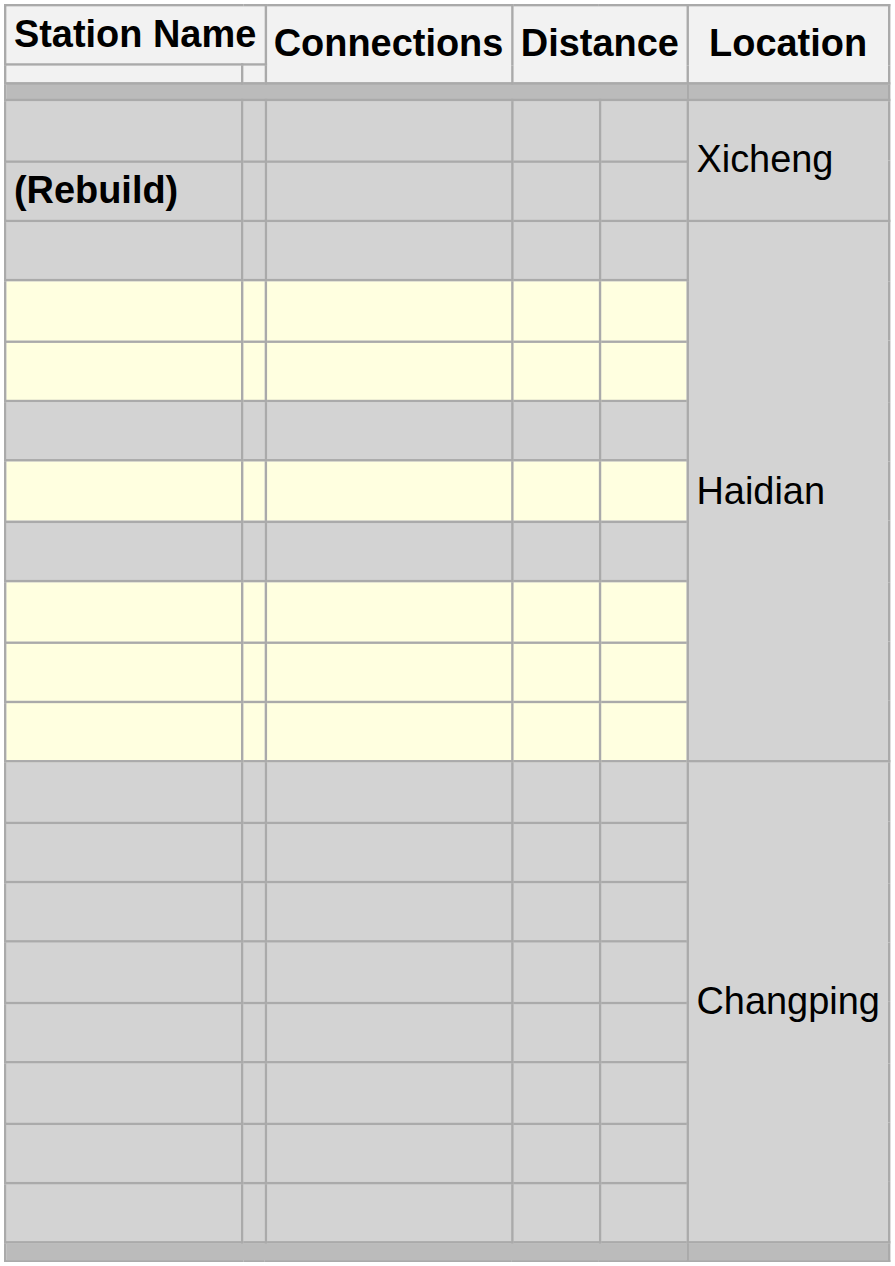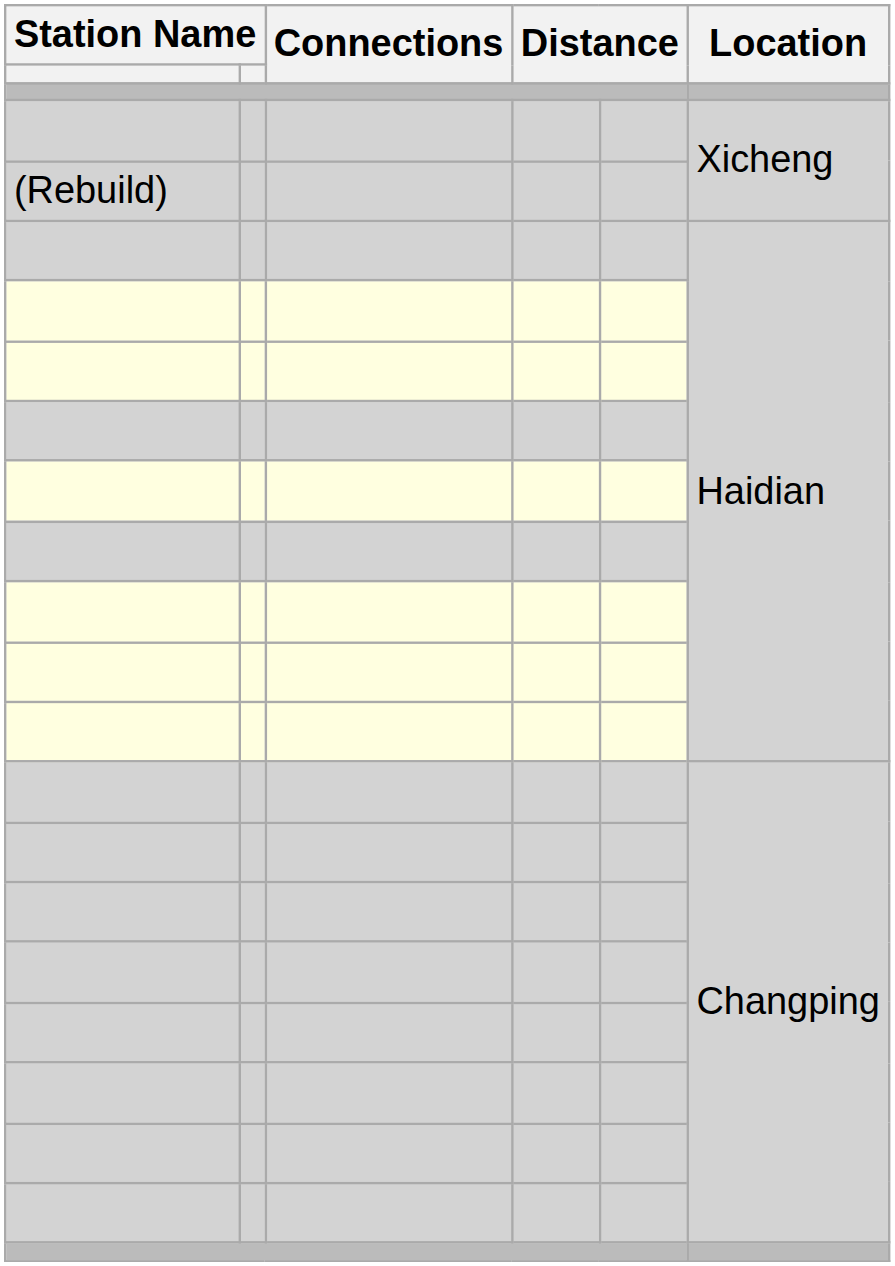 <table class="wikitable">
 <tr>
 <th colspan="2">Station Name</th>
 <th rowspan="2">Connections</th>
 <th colspan="2" rowspan="2">Distance<br></th>
 <th rowspan="2">Location</th>
 </tr>
 <tr>
 <th></th>
 <th></th>
 </tr>
 <tr style = "background:#bbbbbb; height: 2pt">
 <td colspan="5"></td>
 <td></td>
 </tr>
 <tr bgcolor="lightgrey">
 <td></td>
 <td></td>
 <td> </td>
 <td> </td>
 <td> </td>
 <td rowspan="2">Xicheng</td>
 </tr>
 <tr bgcolor="lightgrey">
-<td><strong> (Rebuild)</strong></td>
+<td> (Rebuild)</td>
 <td></td>
 <td> </td>
 <td> </td>
 <td> </td>
 </tr>
 <tr bgcolor="lightgrey">
 <td></td>
 <td></td>
 <td></td>
 <td> </td>
 <td> </td>
 <td rowspan="9">Haidian</td>
 </tr>
 <tr bgcolor="lightyellow">
 <td></td>
 <td></td>
 <td></td>
 <td> </td>
 <td> </td>
 </tr>
 <tr bgcolor="lightyellow">
 <td></td>
 <td></td>
 <td></td>
 <td> </td>
 <td> </td>
 </tr>
 <tr bgcolor="lightgrey">
 <td></td>
 <td></td>
 <td></td>
 <td> </td>
 <td> </td>
 </tr>
 <tr bgcolor="lightyellow">
 <td></td>
 <td></td>
 <td></td>
 <td> </td>
 <td> </td>
 </tr>
 <tr bgcolor="lightgrey">
 <td></td>
 <td></td>
 <td></td>
 <td> </td>
 <td> </td>
 </tr>
 <tr bgcolor="lightyellow">
 <td></td>
 <td></td>
 <td></td>
 <td> </td>
 <td> </td>
 </tr>
 <tr bgcolor="lightyellow">
 <td></td>
 <td></td>
 <td> <br></td>
 <td> </td>
 <td> </td>
 </tr>
 <tr bgcolor="lightyellow">
 <td></td>
 <td></td>
 <td></td>
 <td> </td>
 <td> </td>
 </tr>
 <tr bgcolor="lightgrey">
 <td></td>
 <td></td>
 <td> </td>
 <td> </td>
 <td> </td>
 <td rowspan="8">Changping</td>
 </tr>
 <tr bgcolor="lightgrey">
 <td></td>
 <td></td>
 <td></td>
 <td> </td>
 <td> </td>
 </tr>
 <tr bgcolor="lightgrey">
 <td></td>
 <td></td>
 <td></td>
 <td> </td>
 <td> </td>
 </tr>
 <tr bgcolor="lightgrey">
 <td></td>
 <td></td>
 <td></td>
 <td> </td>
 <td> </td>
 </tr>
 <tr bgcolor="lightgrey">
 <td></td>
 <td></td>
 <td></td>
 <td> </td>
 <td> </td>
 </tr>
 <tr bgcolor="lightgrey">
 <td></td>
 <td></td>
 <td></td>
 <td> </td>
 <td> </td>
 </tr>
 <tr bgcolor="lightgrey">
 <td></td>
 <td></td>
 <td></td>
 <td> </td>
 <td> </td>
 </tr>
 <tr bgcolor="lightgrey">
 <td></td>
 <td></td>
 <td></td>
 <td> </td>
 <td> </td>
 </tr>
 <tr style = "background:#bbbbbb; height: 2pt">
 <td colspan="5"></td>
 <td></td>
 </tr>
 </table>
